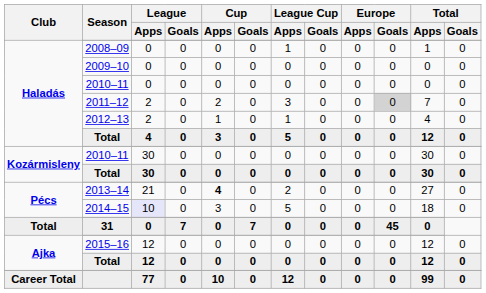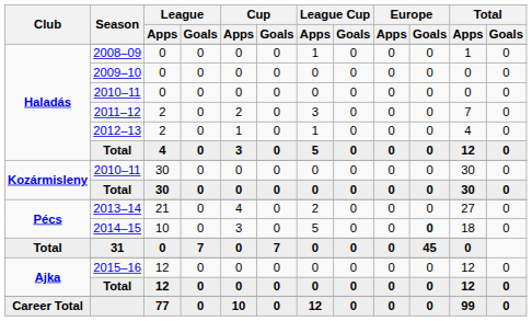 <table class="wikitable" style="font-size:90%; text-align: center;">
 <tr>
 <th rowspan="2">Club</th>
 <th rowspan="2">Season</th>
 <th colspan="2">League</th>
 <th colspan="2">Cup</th>
 <th colspan="2">League Cup</th>
 <th colspan="2">Europe</th>
 <th colspan="2">Total</th>
 </tr>
 <tr>
 <th>Apps</th>
 <th>Goals</th>
 <th>Apps</th>
 <th>Goals</th>
 <th>Apps</th>
 <th>Goals</th>
 <th>Apps</th>
 <th>Goals</th>
 <th>Apps</th>
 <th>Goals</th>
 </tr>
 <tr ||-||-||-|->
 <td rowspan="7" valign="center"><strong><a href='#'>Haladás</a></strong></td>
 </tr>
 <tr>
 <td><a href='#'>2008–09</a></td>
 <td>0</td>
 <td>0</td>
 <td>0</td>
 <td>0</td>
 <td>1</td>
 <td>0</td>
 <td>0</td>
 <td>0</td>
 <td>1</td>
 <td>0</td>
 </tr>
 <tr>
 <td><a href='#'>2009–10</a></td>
 <td>0</td>
 <td>0</td>
 <td>0</td>
 <td>0</td>
 <td>0</td>
 <td>0</td>
 <td>0</td>
 <td>0</td>
 <td>0</td>
 <td>0</td>
 </tr>
 <tr>
 <td><a href='#'>2010–11</a></td>
 <td>0</td>
 <td>0</td>
 <td>0</td>
 <td>0</td>
 <td>0</td>
 <td>0</td>
 <td>0</td>
 <td>0</td>
 <td>0</td>
 <td>0</td>
 </tr>
 <tr>
 <td><a href='#'>2011–12</a></td>
 <td>2</td>
 <td>0</td>
 <td>2</td>
 <td>0</td>
 <td>3</td>
 <td>0</td>
 <td>0</td>
-<td style="background: lightgrey;">0</td>
+<td>0</td>
 <td>7</td>
 <td>0</td>
 </tr>
 <tr>
 <td><a href='#'>2012–13</a></td>
 <td>2</td>
 <td>0</td>
 <td>1</td>
 <td>0</td>
 <td>1</td>
 <td>0</td>
 <td>0</td>
 <td>0</td>
 <td>4</td>
 <td>0</td>
 </tr>
 <tr style="font-weight:bold; background-color:#eeeeee;">
 <td>Total</td>
 <td>4</td>
 <td>0</td>
 <td>3</td>
 <td>0</td>
 <td>5</td>
 <td>0</td>
 <td>0</td>
 <td>0</td>
 <td>12</td>
 <td>0</td>
 </tr>
 <tr>
 <td rowspan="3" valign="center"><strong><a href='#'>Kozármisleny</a></strong></td>
 </tr>
 <tr>
 <td><a href='#'>2010–11</a></td>
 <td>30</td>
 <td>0</td>
 <td>0</td>
 <td>0</td>
 <td>0</td>
 <td>0</td>
 <td>0</td>
 <td>0</td>
 <td>30</td>
 <td>0</td>
 </tr>
 <tr style="font-weight:bold; background-color:#eeeeee;">
 <td>Total</td>
 <td>30</td>
 <td>0</td>
 <td>0</td>
 <td>0</td>
 <td>0</td>
 <td>0</td>
 <td>0</td>
 <td>0</td>
 <td>30</td>
 <td>0</td>
 </tr>
 <tr>
 <td rowspan="4" valign="center"><strong><a href='#'>Pécs</a></strong></td>
 </tr>
 <tr>
 <td><a href='#'>2013–14</a></td>
 <td>21</td>
 <td>0</td>
-<td><strong>4</strong></td>
+<td>4</td>
 <td>0</td>
 <td>2</td>
 <td>0</td>
 <td>0</td>
 <td>0</td>
 <td>27</td>
 <td>0</td>
 </tr>
 <tr>
 <td><a href='#'>2014–15</a></td>
-<td style="background: lavender;">10</td>
+<td>10</td>
 <td>0</td>
 <td>3</td>
 <td>0</td>
 <td>5</td>
 <td>0</td>
 <td>0</td>
-<td>0</td>
+<td><strong>0</strong></td>
 <td>18</td>
 <td>0</td>
 </tr>
 <tr>
 </tr>
 <tr style="font-weight:bold; background-color:#eeeeee;">
 <td>Total</td>
 <td>31</td>
 <td>0</td>
 <td>7</td>
 <td>0</td>
 <td>7</td>
 <td>0</td>
 <td>0</td>
 <td>0</td>
 <td>45</td>
 <td>0</td>
 </tr>
 <tr>
 <td rowspan="3" valign="center"><strong><a href='#'>Ajka</a></strong></td>
 </tr>
 <tr>
 <td><a href='#'>2015–16</a></td>
 <td>12</td>
 <td>0</td>
 <td>0</td>
 <td>0</td>
 <td>0</td>
 <td>0</td>
 <td>0</td>
 <td>0</td>
 <td>12</td>
 <td>0</td>
 </tr>
 <tr style="font-weight:bold; background-color:#eeeeee;">
 <td>Total</td>
 <td>12</td>
 <td>0</td>
 <td>0</td>
 <td>0</td>
 <td>0</td>
 <td>0</td>
 <td>0</td>
 <td>0</td>
 <td>12</td>
 <td>0</td>
 </tr>
 <tr>
 </tr>
 <tr style="font-weight:bold; background-color:#eeeeee;">
 <td rowspan="1" valign="top"><strong>Career Total</strong></td>
 <td></td>
 <td><strong>77</strong></td>
 <td><strong>0</strong></td>
 <td><strong>10</strong></td>
 <td><strong>0</strong></td>
 <td><strong>12</strong></td>
 <td><strong>0</strong></td>
 <td><strong>0</strong></td>
 <td><strong>0</strong></td>
 <td><strong>99</strong></td>
 <td><strong>0</strong></td>
 </tr>
 </table>
